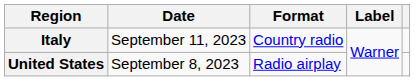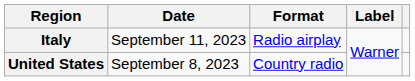 <table class="wikitable plainrowheaders">
 <tr>
 <th scope="col">Region</th>
 <th scope="col">Date</th>
 <th scope="col">Format</th>
 <th scope="col">Label</th>
 <th scope="col"></th>
 </tr>
 <tr>
 <th scope="row">Italy</th>
 <td>September 11, 2023</td>
-<td><a href='#'>Country radio</a></td>
+<td><a href='#'>Radio airplay</a></td>
 <td rowspan="2"><a href='#'>Warner</a></td>
 <td align="center"></td>
 </tr>
 <tr>
 <th scope="row">United States</th>
 <td>September 8, 2023</td>
-<td><a href='#'>Radio airplay</a></td>
+<td><a href='#'>Country radio</a></td>
 <td align="center"></td>
 </tr>
 </table>
